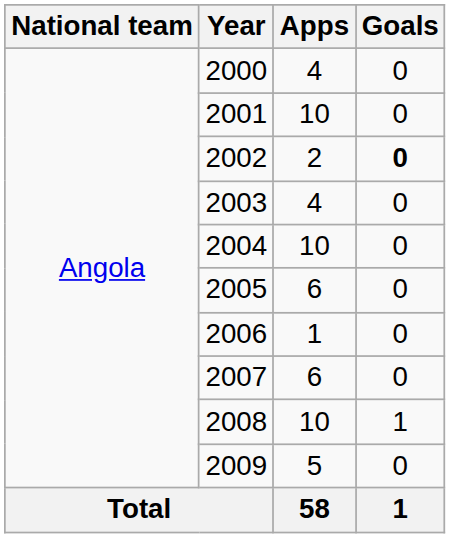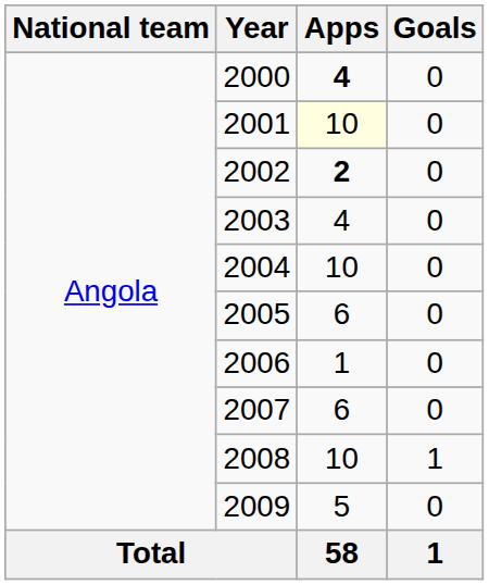 <table class="wikitable" style="text-align:center">
 <tr>
 <th>National team</th>
 <th>Year</th>
 <th>Apps</th>
 <th>Goals</th>
 </tr>
 <tr>
 <td rowspan="10"><a href='#'>Angola</a></td>
 <td>2000</td>
-<td>4</td>
+<td><strong>4</strong></td>
 <td>0</td>
 </tr>
 <tr>
 <td>2001</td>
-<td>10</td>
+<td style="background: lightyellow;">10</td>
 <td>0</td>
 </tr>
 <tr>
 <td>2002</td>
-<td>2</td>
-<td><strong>0</strong></td>
+<td><strong>2</strong></td>
+<td>0</td>
 </tr>
 <tr>
 <td>2003</td>
 <td>4</td>
 <td>0</td>
 </tr>
 <tr>
 <td>2004</td>
 <td>10</td>
 <td>0</td>
 </tr>
 <tr>
 <td>2005</td>
 <td>6</td>
 <td>0</td>
 </tr>
 <tr>
 <td>2006</td>
 <td>1</td>
 <td>0</td>
 </tr>
 <tr>
 <td>2007</td>
 <td>6</td>
 <td>0</td>
 </tr>
 <tr>
 <td>2008</td>
 <td>10</td>
 <td>1</td>
 </tr>
 <tr>
 <td>2009</td>
 <td>5</td>
 <td>0</td>
 </tr>
 <tr>
 <th colspan="2">Total</th>
 <th>58</th>
 <th>1</th>
 </tr>
 </table>
